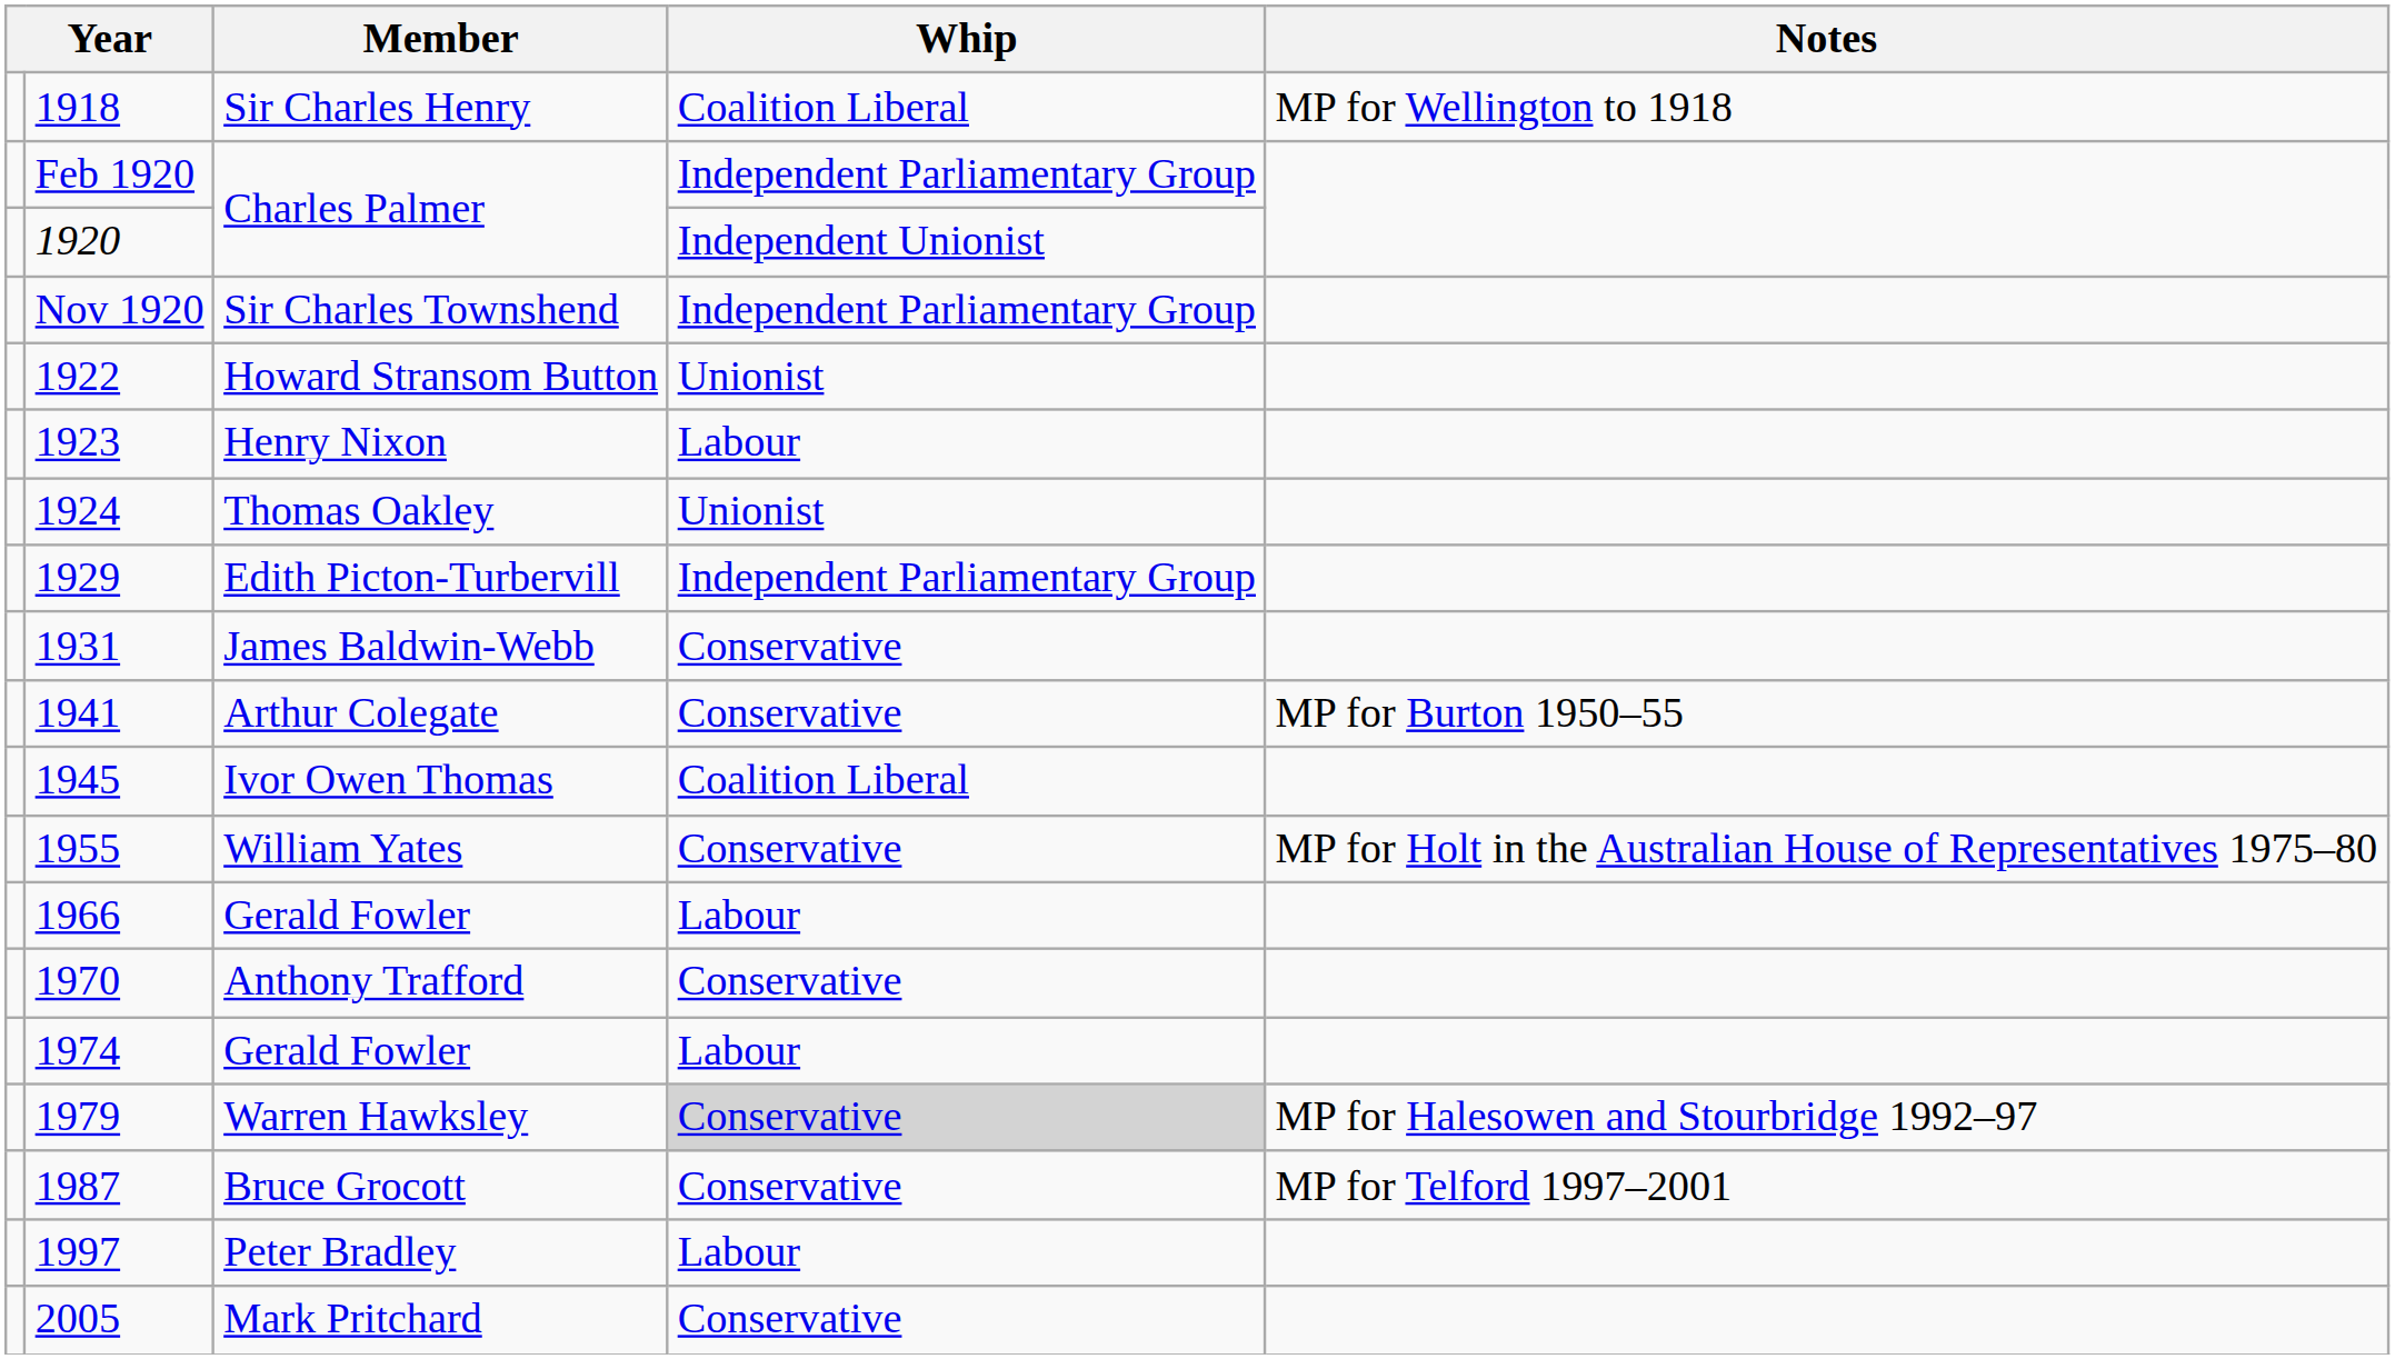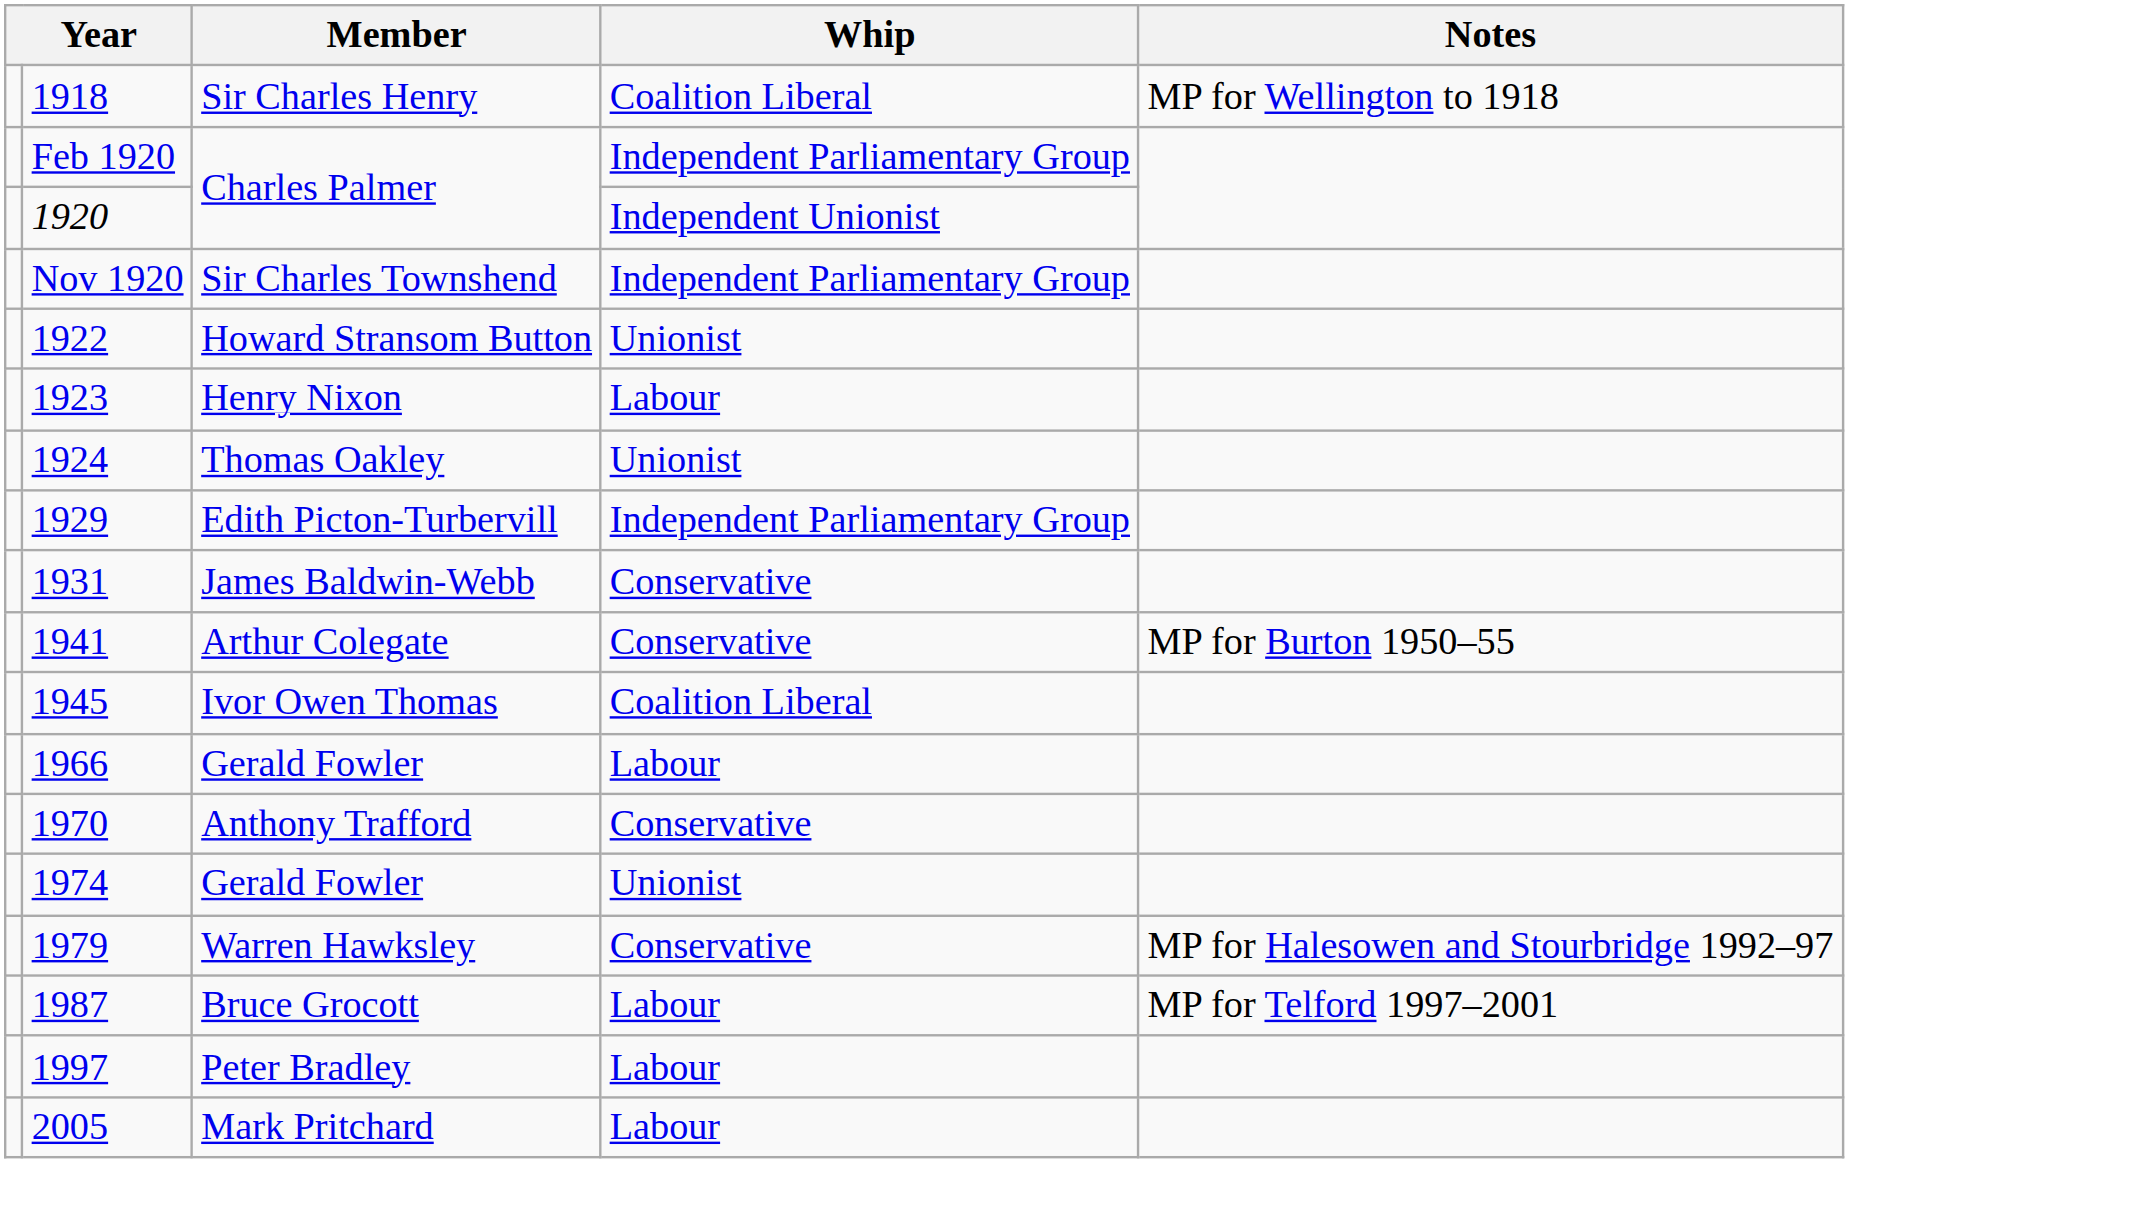 <table class="wikitable">
 <tr>
 <th colspan="2">Year</th>
 <th>Member</th>
 <th>Whip</th>
 <th>Notes</th>
 </tr>
 <tr>
 <td style="color:inherit;background-color: "></td>
 <td><a href='#'>1918</a></td>
 <td><a href='#'>Sir Charles Henry</a></td>
 <td><a href='#'>Coalition Liberal</a></td>
 <td>MP for <a href='#'>Wellington</a> to 1918</td>
 </tr>
 <tr>
 <td style="color:inherit;background-color: "></td>
 <td><a href='#'>Feb 1920</a></td>
 <td rowspan="2"><a href='#'>Charles Palmer</a></td>
 <td><a href='#'>Independent Parliamentary Group</a></td>
 </tr>
 <tr>
 <td style="color:inherit;background-color: "></td>
 <td><em>1920</em></td>
 <td><a href='#'>Independent Unionist</a></td>
 </tr>
 <tr>
 <td style="color:inherit;background-color: "></td>
 <td><a href='#'>Nov 1920</a></td>
 <td><a href='#'>Sir Charles Townshend</a></td>
 <td><a href='#'>Independent Parliamentary Group</a></td>
 <td></td>
 </tr>
 <tr>
 <td style="color:inherit;background-color: "></td>
 <td><a href='#'>1922</a></td>
 <td><a href='#'>Howard Stransom Button</a></td>
 <td><a href='#'>Unionist</a></td>
 <td></td>
 </tr>
 <tr>
 <td style="color:inherit;background-color: "></td>
 <td><a href='#'>1923</a></td>
 <td><a href='#'>Henry Nixon</a></td>
 <td><a href='#'>Labour</a></td>
 <td></td>
 </tr>
 <tr>
 <td style="color:inherit;background-color: "></td>
 <td><a href='#'>1924</a></td>
 <td><a href='#'>Thomas Oakley</a></td>
 <td><a href='#'>Unionist</a></td>
 <td></td>
 </tr>
 <tr>
 <td style="color:inherit;background-color: "></td>
 <td><a href='#'>1929</a></td>
 <td><a href='#'>Edith Picton-Turbervill</a></td>
 <td><a href='#'>Independent Parliamentary Group</a></td>
 <td></td>
 </tr>
 <tr>
 <td style="color:inherit;background-color: "></td>
 <td><a href='#'>1931</a></td>
 <td><a href='#'>James Baldwin-Webb</a></td>
 <td><a href='#'>Conservative</a></td>
 <td></td>
 </tr>
 <tr>
 <td style="color:inherit;background-color: "></td>
 <td><a href='#'>1941</a></td>
 <td><a href='#'>Arthur Colegate</a></td>
 <td><a href='#'>Conservative</a></td>
 <td>MP for <a href='#'>Burton</a> 1950–55</td>
 </tr>
 <tr>
 <td style="color:inherit;background-color: "></td>
 <td><a href='#'>1945</a></td>
 <td><a href='#'>Ivor Owen Thomas</a></td>
 <td><a href='#'>Coalition Liberal</a></td>
 <td></td>
 </tr>
 <tr>
 <td style="color:inherit;background-color: "></td>
-<td><a href='#'>1955</a></td>
-<td><a href='#'>William Yates</a></td>
-<td><a href='#'>Conservative</a></td>
-<td>MP for <a href='#'>Holt</a> in the <a href='#'>Australian House of Representatives</a> 1975–80</td>
-</tr>
-<tr>
-<td style="color:inherit;background-color: "></td>
 <td><a href='#'>1966</a></td>
 <td><a href='#'>Gerald Fowler</a></td>
 <td><a href='#'>Labour</a></td>
 <td></td>
 </tr>
 <tr>
 <td style="color:inherit;background-color: "></td>
 <td><a href='#'>1970</a></td>
 <td><a href='#'>Anthony Trafford</a></td>
 <td><a href='#'>Conservative</a></td>
 <td></td>
 </tr>
 <tr>
 <td style="color:inherit;background-color: "></td>
 <td><a href='#'>1974</a></td>
 <td><a href='#'>Gerald Fowler</a></td>
-<td><a href='#'>Labour</a></td>
+<td><a href='#'>Unionist</a></td>
 <td></td>
 </tr>
 <tr>
 <td style="color:inherit;background-color: "></td>
 <td><a href='#'>1979</a></td>
 <td><a href='#'>Warren Hawksley</a></td>
-<td style="background: lightgrey;"><a href='#'>Conservative</a></td>
+<td><a href='#'>Conservative</a></td>
 <td>MP for <a href='#'>Halesowen and Stourbridge</a> 1992–97</td>
 </tr>
 <tr>
 <td style="color:inherit;background-color: "></td>
 <td><a href='#'>1987</a></td>
 <td><a href='#'>Bruce Grocott</a></td>
-<td><a href='#'>Conservative</a></td>
+<td><a href='#'>Labour</a></td>
 <td>MP for <a href='#'>Telford</a> 1997–2001</td>
 </tr>
 <tr>
 <td style="color:inherit;background-color: "></td>
 <td><a href='#'>1997</a></td>
 <td><a href='#'>Peter Bradley</a></td>
 <td><a href='#'>Labour</a></td>
 <td></td>
 </tr>
 <tr>
 <td style="color:inherit;background-color: "></td>
 <td><a href='#'>2005</a></td>
 <td><a href='#'>Mark Pritchard</a></td>
-<td><a href='#'>Conservative</a></td>
+<td><a href='#'>Labour</a></td>
 <td></td>
 </tr>
 </table>
